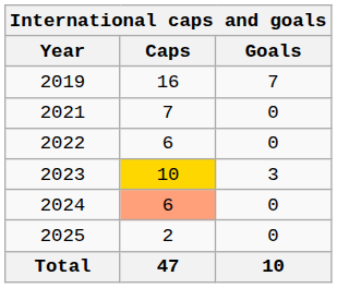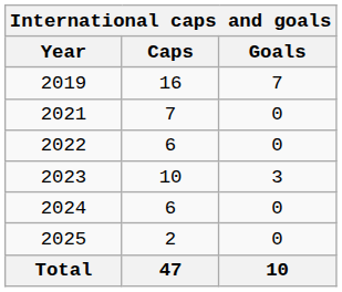 <table class="wikitable sortable" style="text-align:center">
 <tr>
 <th colspan="3">International caps and goals</th>
 </tr>
 <tr>
 <th>Year</th>
 <th>Caps</th>
 <th>Goals</th>
 </tr>
 <tr>
 <td>2019</td>
 <td>16</td>
 <td>7</td>
 </tr>
 <tr>
 <td>2021</td>
 <td>7</td>
 <td>0</td>
 </tr>
 <tr>
 <td>2022</td>
 <td>6</td>
 <td>0</td>
 </tr>
 <tr>
 <td>2023</td>
-<td style="background: gold;">10</td>
+<td>10</td>
 <td>3</td>
 </tr>
 <tr>
 <td>2024</td>
-<td style="background: lightsalmon;">6</td>
+<td>6</td>
 <td>0</td>
 </tr>
 <tr>
 <td>2025</td>
 <td>2</td>
 <td>0</td>
 </tr>
 <tr>
 <th>Total</th>
 <th>47</th>
 <th>10</th>
 </tr>
 </table>
